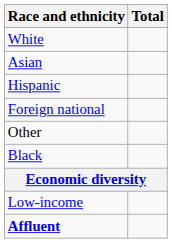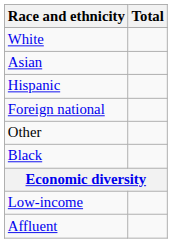 <table class="wikitable floatright sortable collapsible" ; text-align:right; font-size:80%;">
 <tr>
 <th>Race and ethnicity</th>
 <th colspan="2" data-sort-type="number">Total</th>
 </tr>
 <tr>
 <td><a href='#'>White</a></td>
 <td align=right></td>
 </tr>
 <tr>
 <td><a href='#'>Asian</a></td>
 <td align=right></td>
 </tr>
 <tr>
 <td><a href='#'>Hispanic</a></td>
 <td align=right></td>
 </tr>
 <tr>
 <td><a href='#'>Foreign national</a></td>
 <td align=right></td>
 </tr>
 <tr>
 <td>Other</td>
 <td align=right></td>
 </tr>
 <tr>
 <td><a href='#'>Black</a></td>
 <td align=right></td>
 </tr>
 <tr>
 <th colspan="4" data-sort-type="number"><a href='#'>Economic diversity</a></th>
 </tr>
 <tr>
 <td><a href='#'>Low-income</a></td>
 <td align=right></td>
 </tr>
 <tr>
-<td><strong><a href='#'>Affluent</a></strong></td>
+<td><a href='#'>Affluent</a></td>
 <td align=right></td>
 </tr>
 </table>
